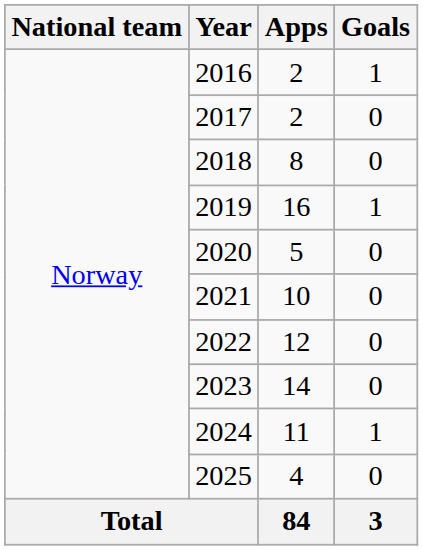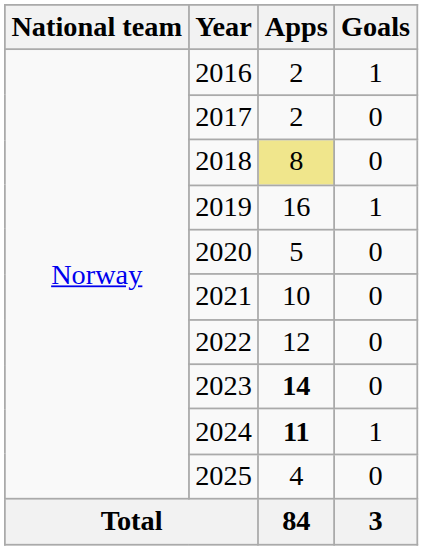 <table class="wikitable" style="text-align:center">
 <tr>
 <th>National team</th>
 <th>Year</th>
 <th>Apps</th>
 <th>Goals</th>
 </tr>
 <tr>
 <td rowspan="10"><a href='#'>Norway</a></td>
 <td>2016</td>
 <td>2</td>
 <td>1</td>
 </tr>
 <tr>
 <td>2017</td>
 <td>2</td>
 <td>0</td>
 </tr>
 <tr>
 <td>2018</td>
-<td>8</td>
+<td style="background: khaki;">8</td>
 <td>0</td>
 </tr>
 <tr>
 <td>2019</td>
 <td>16</td>
 <td>1</td>
 </tr>
 <tr>
 <td>2020</td>
 <td>5</td>
 <td>0</td>
 </tr>
 <tr>
 <td>2021</td>
 <td>10</td>
 <td>0</td>
 </tr>
 <tr>
 <td>2022</td>
 <td>12</td>
 <td>0</td>
 </tr>
 <tr>
 <td>2023</td>
-<td>14</td>
+<td><strong>14</strong></td>
 <td>0</td>
 </tr>
 <tr>
 <td>2024</td>
-<td>11</td>
+<td><strong>11</strong></td>
 <td>1</td>
 </tr>
 <tr>
 <td>2025</td>
 <td>4</td>
 <td>0</td>
 </tr>
 <tr>
 <th colspan="2">Total</th>
 <th>84</th>
 <th>3</th>
 </tr>
 </table>
